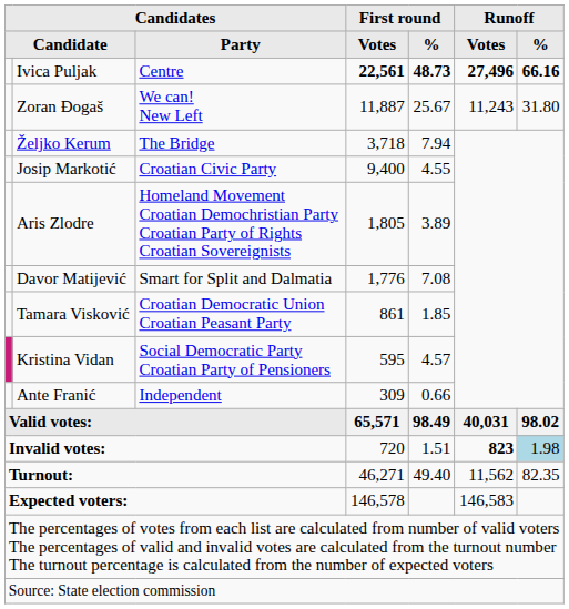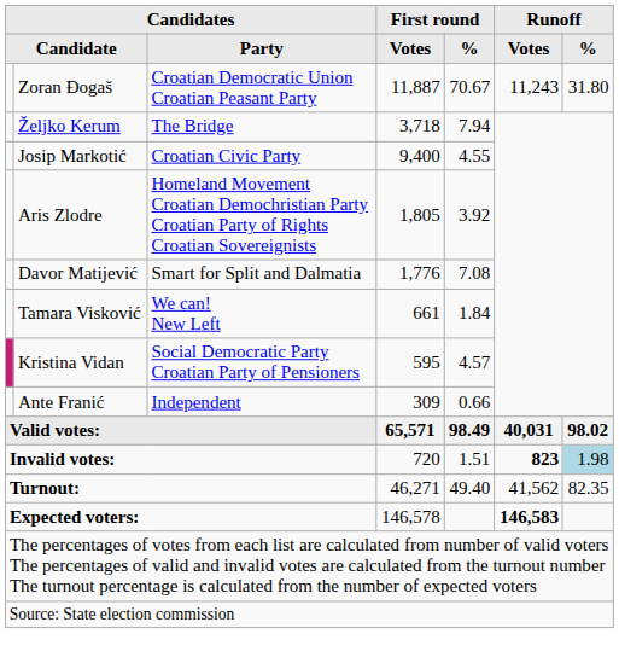 <table class="wikitable" border="1">
 <tr style="background-color:#C9C9C9">
 <th colspan="3" style="background-color:#E9E9E9" align="center">Candidates</th>
 <th colspan="2" style="background-color:#E9E9E9" align="center">First round</th>
 <th colspan="2" style="background-color:#E9E9E9" align="center">Runoff</th>
 </tr>
 <tr>
 <th colspan="2" style="background-color:#E9E9E9" align="center">Candidate</th>
 <th style="background-color:#E9E9E9" align="center">Party</th>
 <th style="background-color:#E9E9E9" align="center">Votes</th>
 <th style="background-color:#E9E9E9" align="center">%</th>
 <th style="background-color:#E9E9E9" align="center">Votes</th>
 <th style="background-color:#E9E9E9" align="center">%</th>
 </tr>
 <tr>
 <td style="color:inherit;background:"></td>
-<td align="left">Ivica Puljak</td>
-<td align="left"><a href='#'>Centre</a></td>
-<td align="right"><strong>22,561</strong></td>
-<td align="right"><strong>48.73</strong></td>
-<td align="right"><strong>27,496</strong></td>
-<td align="right"><strong>66.16</strong></td>
-</tr>
-<tr>
-<td style="color:inherit;background:"></td>
 <td align="left">Zoran Đogaš</td>
-<td align="left"><a href='#'>We can!</a><br><a href='#'>New Left</a></td>
+<td align="left"><a href='#'>Croatian Democratic Union</a><br><a href='#'>Croatian Peasant Party</a></td>
 <td align="right">11,887</td>
-<td align="right">25.67</td>
+<td align="right">70.67</td>
 <td align="right">11,243</td>
 <td align="right">31.80</td>
 </tr>
 <tr>
 <td style="color:inherit;background:"></td>
 <td align="left"><a href='#'>Željko Kerum</a></td>
 <td align="left"><a href='#'>The Bridge</a></td>
 <td align="right">3,718</td>
 <td align="right">7.94</td>
 </tr>
 <tr>
 <td style="color:inherit;background:"></td>
 <td align="left">Josip Markotić</td>
 <td align="left"><a href='#'>Croatian Civic Party</a></td>
 <td align="right">9,400</td>
 <td align="right">4.55</td>
 </tr>
 <tr>
 <td style="color:inherit;background:"></td>
 <td align="left">Aris Zlodre</td>
 <td align="left"><a href='#'>Homeland Movement</a><br><a href='#'>Croatian Demochristian Party</a><br><a href='#'>Croatian Party of Rights</a><br><a href='#'>Croatian Sovereignists</a></td>
 <td align="right">1,805</td>
-<td align="right">3.89</td>
+<td align="right">3.92</td>
 </tr>
 <tr>
 <td style="color:inherit;background:"></td>
 <td align="left">Davor Matijević</td>
 <td align="left">Smart for Split and Dalmatia</td>
 <td align="right">1,776</td>
 <td align="right">7.08</td>
 </tr>
 <tr>
 <td style="color:inherit;background:"></td>
 <td align="left">Tamara Visković</td>
-<td align="left"><a href='#'>Croatian Democratic Union</a><br><a href='#'>Croatian Peasant Party</a></td>
-<td align="right">861</td>
-<td align="right">1.85</td>
+<td align="left"><a href='#'>We can!</a><br><a href='#'>New Left</a></td>
+<td align="right">661</td>
+<td align="right">1.84</td>
 </tr>
 <tr>
 <td style="color:inherit;background:#C81B77"></td>
 <td align="left">Kristina Vidan</td>
 <td align="left"><a href='#'>Social Democratic Party</a><br><a href='#'>Croatian Party of Pensioners</a></td>
 <td align="right">595</td>
 <td align="right">4.57</td>
 </tr>
 <tr>
 <td style="color:inherit;background:"></td>
 <td align="left">Ante Franić</td>
 <td align="left"><a href='#'>Independent</a></td>
 <td align="right">309</td>
 <td align="right">0.66</td>
 </tr>
 <tr style="background-color:#E9E9E9">
 <td colspan="3" align="left"><strong>Valid votes:</strong></td>
 <th align="right">65,571</th>
 <th align="right">98.49</th>
 <th align="right">40,031</th>
 <th align="right">98.02</th>
 </tr>
 <tr>
 <td colspan="3" align="left"><strong>Invalid votes:</strong></td>
 <td align="right">720</td>
 <td align="right">1.51</td>
 <td align="right"><strong>823</strong></td>
 <td align="right" style="background: lightblue;">1.98</td>
 </tr>
 <tr>
 <td colspan="3" align="left"><strong>Turnout:</strong></td>
 <td align="right">46,271</td>
 <td align="right">49.40</td>
-<td align="right">11,562</td>
+<td align="right">41,562</td>
 <td align="right">82.35</td>
 </tr>
 <tr>
 <td colspan="3" align="left"><strong>Expected voters:</strong></td>
 <td align="right">146,578</td>
 <td align="right"></td>
-<td align="right">146,583</td>
+<td align="right"><strong>146,583</strong></td>
 <td align="right"></td>
 </tr>
 <tr>
 <td colspan="7" align="left">The percentages of votes from each list are calculated from number of valid voters<br>The percentages of valid and invalid votes are calculated from the turnout number<br>The turnout percentage is calculated from the number of expected voters</td>
 </tr>
 <tr>
 <td colspan="7" align="left" style="font-size: 90%">Source: State election commission</td>
 </tr>
 </table>
